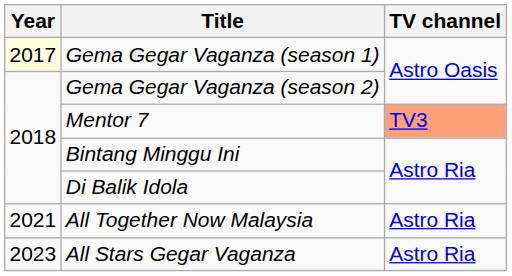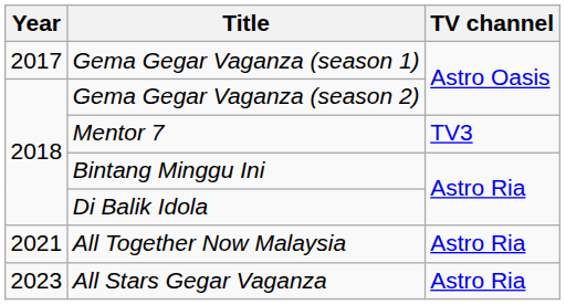 <table class="wikitable">
 <tr>
 <th>Year</th>
 <th>Title</th>
 <th>TV channel</th>
 </tr>
 <tr>
-<td rowspan="1" style="background: lightyellow;">2017</td>
+<td rowspan="1">2017</td>
 <td><em>Gema Gegar Vaganza (season 1)</em> </td>
 <td rowspan="2"><a href='#'>Astro Oasis</a></td>
 </tr>
 <tr>
 <td rowspan="4">2018</td>
 <td><em>Gema Gegar Vaganza (season 2)</em> </td>
 </tr>
 <tr>
 <td><em>Mentor 7</em></td>
-<td style="background: lightsalmon;"><a href='#'>TV3</a></td>
+<td><a href='#'>TV3</a></td>
 </tr>
 <tr>
 <td><em>Bintang Minggu Ini</em></td>
 <td rowspan="2"><a href='#'>Astro Ria</a></td>
 </tr>
 <tr>
 <td><em>Di Balik Idola</em></td>
 </tr>
 <tr>
 <td>2021</td>
 <td><em>All Together Now Malaysia</em></td>
 <td><a href='#'>Astro Ria</a></td>
 </tr>
 <tr>
 <td>2023</td>
 <td><em>All Stars Gegar Vaganza</em></td>
 <td><a href='#'>Astro Ria</a></td>
 </tr>
 </table>
